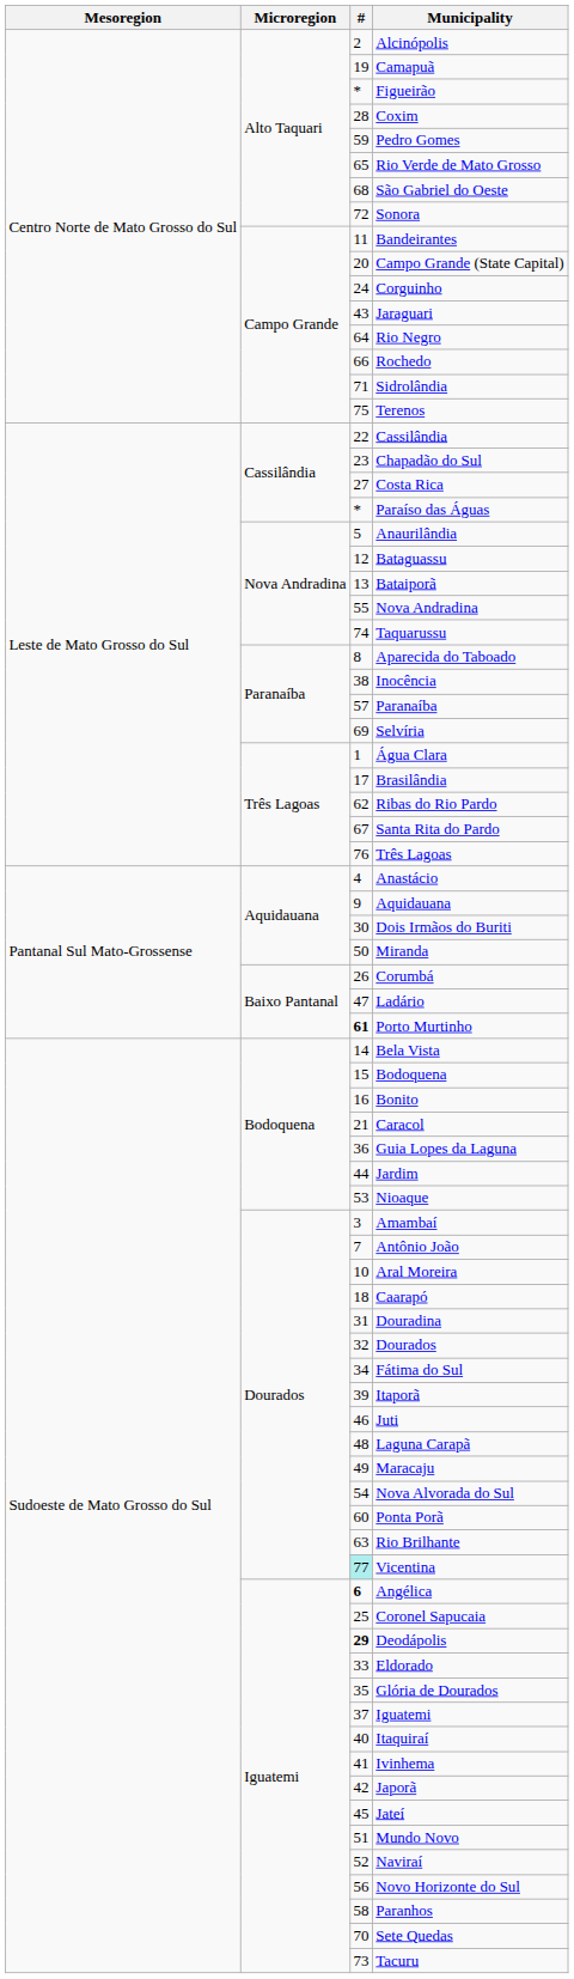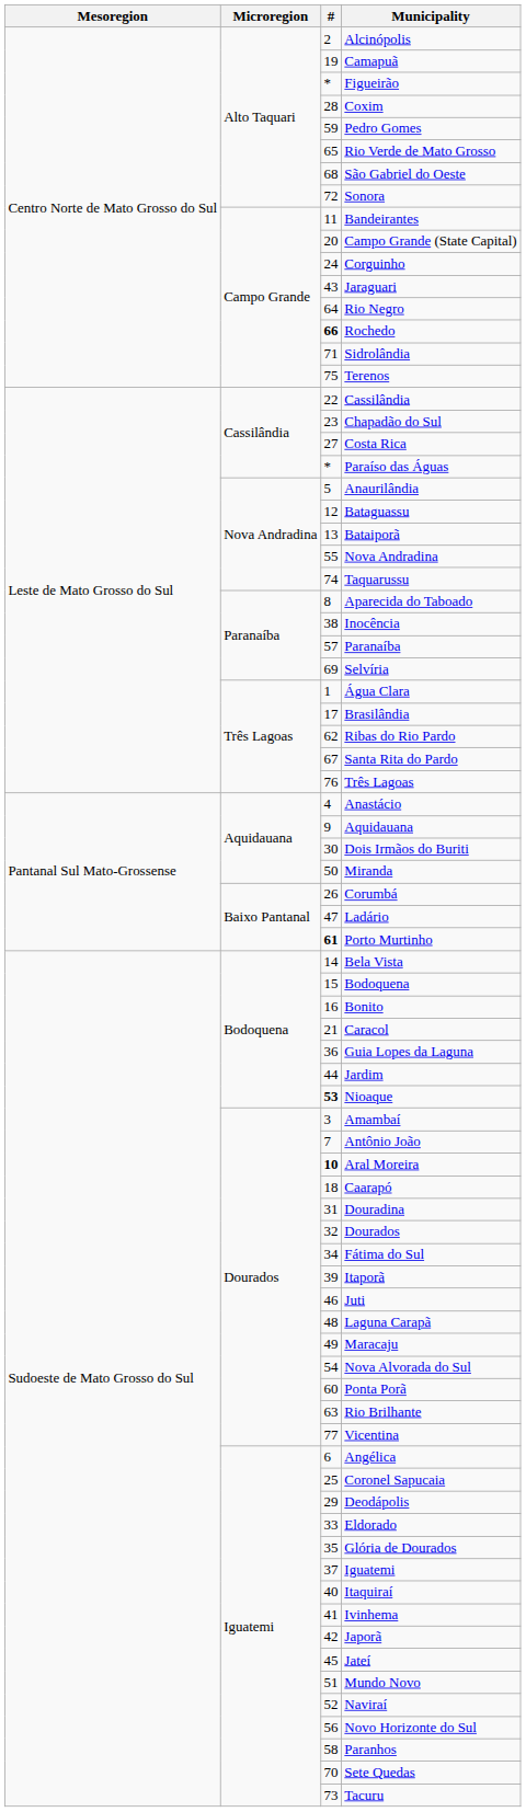 <table class="wikitable sortable">
 <tr>
 <th>Mesoregion</th>
 <th>Microregion</th>
 <th>#</th>
 <th>Municipality</th>
 </tr>
 <tr id="Centro Norte de Mato Grosso do Sul">
 <td rowspan=16>Centro Norte de Mato Grosso do Sul</td>
 <td rowspan=8>Alto Taquari</td>
 <td>2</td>
 <td><a href='#'>Alcinópolis</a></td>
 </tr>
 <tr>
 <td>19</td>
 <td><a href='#'>Camapuã</a></td>
 </tr>
 <tr>
 <td>*</td>
 <td><a href='#'>Figueirão</a></td>
 </tr>
 <tr>
 <td>28</td>
 <td><a href='#'>Coxim</a></td>
 </tr>
 <tr>
 <td>59</td>
 <td><a href='#'>Pedro Gomes</a></td>
 </tr>
 <tr>
 <td>65</td>
 <td><a href='#'>Rio Verde de Mato Grosso</a></td>
 </tr>
 <tr>
 <td>68</td>
 <td><a href='#'>São Gabriel do Oeste</a></td>
 </tr>
 <tr>
 <td>72</td>
 <td><a href='#'>Sonora</a></td>
 </tr>
 <tr>
 <td rowspan=8>Campo Grande</td>
 <td>11</td>
 <td><a href='#'>Bandeirantes</a></td>
 </tr>
 <tr>
 <td>20</td>
 <td><a href='#'>Campo Grande</a> (State Capital)</td>
 </tr>
 <tr>
 <td>24</td>
 <td><a href='#'>Corguinho</a></td>
 </tr>
 <tr>
 <td>43</td>
 <td><a href='#'>Jaraguari</a></td>
 </tr>
 <tr>
 <td>64</td>
 <td><a href='#'>Rio Negro</a></td>
 </tr>
 <tr>
-<td>66</td>
+<td><strong>66</strong></td>
 <td><a href='#'>Rochedo</a></td>
 </tr>
 <tr>
 <td>71</td>
 <td><a href='#'>Sidrolândia</a></td>
 </tr>
 <tr>
 <td>75</td>
 <td><a href='#'>Terenos</a></td>
 </tr>
 <tr id="Leste de Mato Grosso do Sul">
 <td rowspan=18>Leste de Mato Grosso do Sul</td>
 <td rowspan=4>Cassilândia</td>
 <td>22</td>
 <td><a href='#'>Cassilândia</a></td>
 </tr>
 <tr>
 <td>23</td>
 <td><a href='#'>Chapadão do Sul</a></td>
 </tr>
 <tr>
 <td>27</td>
 <td><a href='#'>Costa Rica</a></td>
 </tr>
 <tr>
 <td>*</td>
 <td><a href='#'>Paraíso das Águas</a></td>
 </tr>
 <tr>
 <td rowspan=5>Nova Andradina</td>
 <td>5</td>
 <td><a href='#'>Anaurilândia</a></td>
 </tr>
 <tr>
 <td>12</td>
 <td><a href='#'>Bataguassu</a></td>
 </tr>
 <tr>
 <td>13</td>
 <td><a href='#'>Bataiporã</a></td>
 </tr>
 <tr>
 <td>55</td>
 <td><a href='#'>Nova Andradina</a></td>
 </tr>
 <tr>
 <td>74</td>
 <td><a href='#'>Taquarussu</a></td>
 </tr>
 <tr>
 <td rowspan=4>Paranaíba</td>
 <td>8</td>
 <td><a href='#'>Aparecida do Taboado</a></td>
 </tr>
 <tr>
 <td>38</td>
 <td><a href='#'>Inocência</a></td>
 </tr>
 <tr>
 <td>57</td>
 <td><a href='#'>Paranaíba</a></td>
 </tr>
 <tr>
 <td>69</td>
 <td><a href='#'>Selvíria</a></td>
 </tr>
 <tr>
 <td rowspan=5>Três Lagoas</td>
 <td>1</td>
 <td><a href='#'>Água Clara</a></td>
 </tr>
 <tr>
 <td>17</td>
 <td><a href='#'>Brasilândia</a></td>
 </tr>
 <tr>
 <td>62</td>
 <td><a href='#'>Ribas do Rio Pardo</a></td>
 </tr>
 <tr>
 <td>67</td>
 <td><a href='#'>Santa Rita do Pardo</a></td>
 </tr>
 <tr>
 <td>76</td>
 <td><a href='#'>Três Lagoas</a></td>
 </tr>
 <tr id="Pantanal Sul Mato-Grossense">
 <td rowspan=7>Pantanal Sul Mato-Grossense</td>
 <td rowspan=4>Aquidauana</td>
 <td>4</td>
 <td><a href='#'>Anastácio</a></td>
 </tr>
 <tr>
 <td>9</td>
 <td><a href='#'>Aquidauana</a></td>
 </tr>
 <tr>
 <td>30</td>
 <td><a href='#'>Dois Irmãos do Buriti</a></td>
 </tr>
 <tr>
 <td>50</td>
 <td><a href='#'>Miranda</a></td>
 </tr>
 <tr>
 <td rowspan=3>Baixo Pantanal</td>
 <td>26</td>
 <td><a href='#'>Corumbá</a></td>
 </tr>
 <tr>
 <td>47</td>
 <td><a href='#'>Ladário</a></td>
 </tr>
 <tr>
 <td><strong>61</strong></td>
 <td><a href='#'>Porto Murtinho</a></td>
 </tr>
 <tr id="Sudoeste de Mato Grosso do Sul">
 <td rowspan=38>Sudoeste de Mato Grosso do Sul</td>
 <td rowspan=7>Bodoquena</td>
 <td>14</td>
 <td><a href='#'>Bela Vista</a></td>
 </tr>
 <tr>
 <td>15</td>
 <td><a href='#'>Bodoquena</a></td>
 </tr>
 <tr>
 <td>16</td>
 <td><a href='#'>Bonito</a></td>
 </tr>
 <tr>
 <td>21</td>
 <td><a href='#'>Caracol</a></td>
 </tr>
 <tr>
 <td>36</td>
 <td><a href='#'>Guia Lopes da Laguna</a></td>
 </tr>
 <tr>
 <td>44</td>
 <td><a href='#'>Jardim</a></td>
 </tr>
 <tr>
-<td>53</td>
+<td><strong>53</strong></td>
 <td><a href='#'>Nioaque</a></td>
 </tr>
 <tr>
 <td rowspan=15>Dourados</td>
 <td>3</td>
 <td><a href='#'>Amambaí</a></td>
 </tr>
 <tr>
 <td>7</td>
 <td><a href='#'>Antônio João</a></td>
 </tr>
 <tr>
-<td>10</td>
+<td><strong>10</strong></td>
 <td><a href='#'>Aral Moreira</a></td>
 </tr>
 <tr>
 <td>18</td>
 <td><a href='#'>Caarapó</a></td>
 </tr>
 <tr>
 <td>31</td>
 <td><a href='#'>Douradina</a></td>
 </tr>
 <tr>
 <td>32</td>
 <td><a href='#'>Dourados</a></td>
 </tr>
 <tr>
 <td>34</td>
 <td><a href='#'>Fátima do Sul</a></td>
 </tr>
 <tr>
 <td>39</td>
 <td><a href='#'>Itaporã</a></td>
 </tr>
 <tr>
 <td>46</td>
 <td><a href='#'>Juti</a></td>
 </tr>
 <tr>
 <td>48</td>
 <td><a href='#'>Laguna Carapã</a></td>
 </tr>
 <tr>
 <td>49</td>
 <td><a href='#'>Maracaju</a></td>
 </tr>
 <tr>
 <td>54</td>
 <td><a href='#'>Nova Alvorada do Sul</a></td>
 </tr>
 <tr>
 <td>60</td>
 <td><a href='#'>Ponta Porã</a></td>
 </tr>
 <tr>
 <td>63</td>
 <td><a href='#'>Rio Brilhante</a></td>
 </tr>
 <tr>
-<td style="background: paleturquoise;">77</td>
+<td>77</td>
 <td><a href='#'>Vicentina</a></td>
 </tr>
 <tr>
 <td rowspan=16>Iguatemi</td>
-<td><strong>6</strong></td>
+<td>6</td>
 <td><a href='#'>Angélica</a></td>
 </tr>
 <tr>
 <td>25</td>
 <td><a href='#'>Coronel Sapucaia</a></td>
 </tr>
 <tr>
-<td><strong>29</strong></td>
+<td>29</td>
 <td><a href='#'>Deodápolis</a></td>
 </tr>
 <tr>
 <td>33</td>
 <td><a href='#'>Eldorado</a></td>
 </tr>
 <tr>
 <td>35</td>
 <td><a href='#'>Glória de Dourados</a></td>
 </tr>
 <tr>
 <td>37</td>
 <td><a href='#'>Iguatemi</a></td>
 </tr>
 <tr>
 <td>40</td>
 <td><a href='#'>Itaquiraí</a></td>
 </tr>
 <tr>
 <td>41</td>
 <td><a href='#'>Ivinhema</a></td>
 </tr>
 <tr>
 <td>42</td>
 <td><a href='#'>Japorã</a></td>
 </tr>
 <tr>
 <td>45</td>
 <td><a href='#'>Jateí</a></td>
 </tr>
 <tr>
 <td>51</td>
 <td><a href='#'>Mundo Novo</a></td>
 </tr>
 <tr>
 <td>52</td>
 <td><a href='#'>Naviraí</a></td>
 </tr>
 <tr>
 <td>56</td>
 <td><a href='#'>Novo Horizonte do Sul</a></td>
 </tr>
 <tr>
 <td>58</td>
 <td><a href='#'>Paranhos</a></td>
 </tr>
 <tr>
 <td>70</td>
 <td><a href='#'>Sete Quedas</a></td>
 </tr>
 <tr>
 <td>73</td>
 <td><a href='#'>Tacuru</a></td>
 </tr>
 </table>
